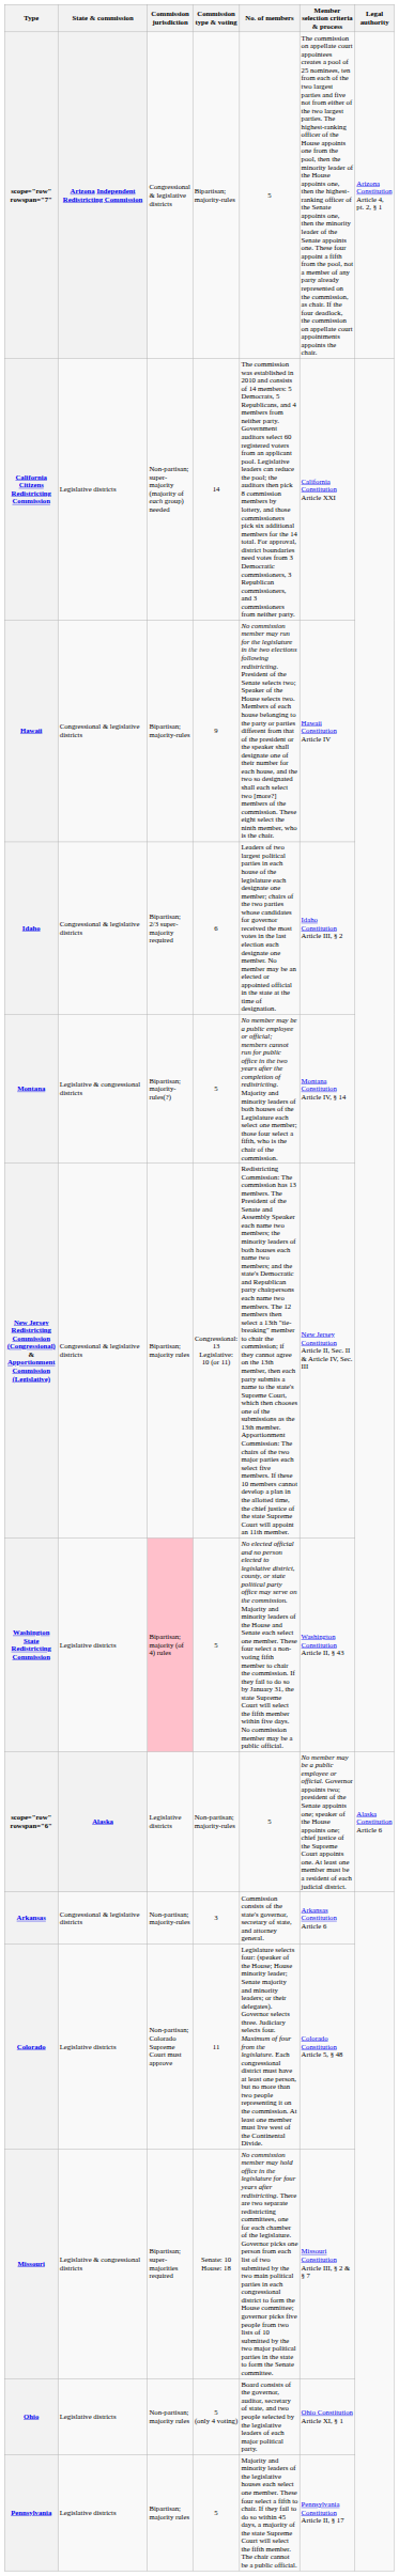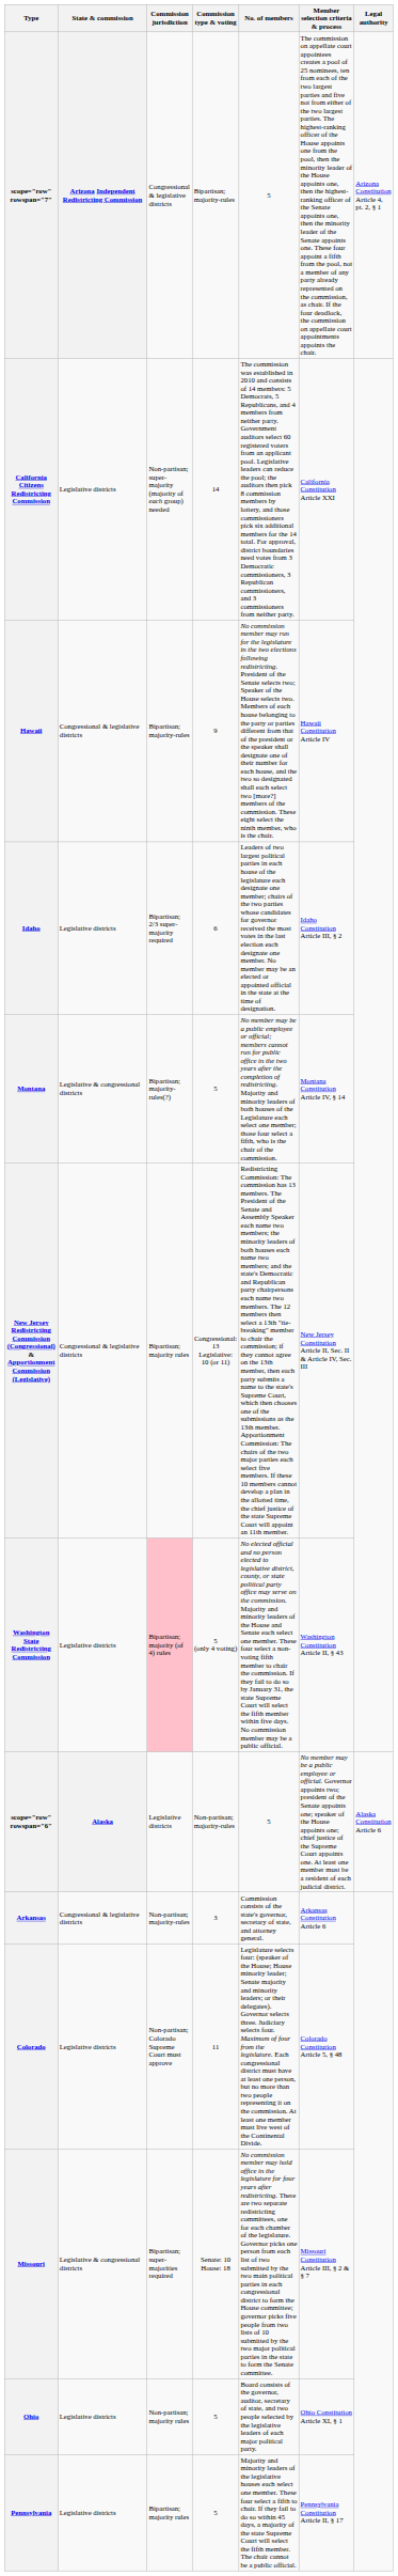 <table class="wikitable">
 <tr>
 <th scope="col">Type</th>
 <th scope="col" style="width:12em;">State & commission</th>
 <th scope="col">Commission jurisdiction</th>
 <th scope="col">Commission type & voting</th>
 <th scope="col">No. of members</th>
 <th scope="col">Member selection criteria & process</th>
 <th scope="col">Legal authority</th>
 </tr>
 <tr>
 <th>scope="row" rowspan="7" </th>
 <th scope="row"><a href='#'>Arizona</a> <a href='#'>Independent Redistricting Commission</a></th>
 <td>Congressional & legislative districts</td>
 <td>Bipartisan;<br>majority-rules</td>
 <td style="text-align:center">5</td>
 <td>The commission on appellate court appointees creates a pool of 25 nominees, ten from each of the two largest parties and five not from either of the two largest parties. The highest-ranking officer of the House appoints one from the pool, then the minority leader of the House appoints one, then the highest-ranking officer of the Senate appoints one, then the minority leader of the Senate appoints one. These four appoint a fifth from the pool, not a member of any party already represented on the commission, as chair. If the four deadlock, the commission on appellate court appointments appoints the chair.</td>
 <td><a href='#'>Arizona Constitution</a><br>Article 4, pt. 2, § 1</td>
 </tr>
 <tr>
 <th scope="row"><a href='#'>California</a> <a href='#'>Citizens Redistricting Commission</a></th>
 <td>Legislative districts</td>
 <td>Non-partisan;<br>super-majority (majority of <em>each</em> group) needed</td>
 <td style="text-align:center">14</td>
 <td>The commission was established in 2010 and consists of 14 members: 5 Democrats, 5 Republicans, and 4 members from neither party. Government auditors select 60 registered voters from an applicant pool. Legislative leaders can reduce the pool; the auditors then pick 8 commission members by lottery, and those commissioners pick six additional members for the 14 total. For approval, district boundaries need votes from 3 Democratic commissioners, 3 Republican commissioners, and 3 commissioners from neither party.</td>
 <td><a href='#'>California Constitution</a><br>Article XXI</td>
 </tr>
 <tr>
 <th scope="row"><a href='#'>Hawaii</a></th>
 <td>Congressional & legislative districts</td>
 <td>Bipartisan;<br>majority-rules</td>
 <td style="text-align:center">9</td>
 <td><em>No commission member may run for the legislature in the two elections following redistricting.</em> President of the Senate selects two; Speaker of the House selects two. Members of each house belonging to the party or parties different from that of the president or the speaker shall designate one of their number for each house, and the two so designated shall each select two [more?] members of the commission. These eight select the ninth member, who is the chair.</td>
 <td><a href='#'>Hawaii Constitution</a><br>Article IV</td>
 </tr>
 <tr>
 <th scope="row"><a href='#'>Idaho</a></th>
-<td>Congressional & legislative districts</td>
+<td>Legislative districts</td>
 <td>Bipartisan;<br>2/3 super-majority required</td>
 <td style="text-align:center">6</td>
 <td>Leaders of two largest political parties in each house of the legislature each designate one member; chairs of the two parties whose candidates for governor received the most votes in the last election each designate one member. No member may be an elected or appointed official in the state at the time of designation.</td>
 <td><a href='#'>Idaho Constitution</a><br>Article III, § 2</td>
 </tr>
 <tr>
 <th scope="row"><a href='#'>Montana</a></th>
 <td>Legislative & congressional districts</td>
 <td>Bipartisan;<br>majority-rules(?)</td>
 <td style="text-align:center">5</td>
 <td><em>No member may be a public employee or official; members cannot run for public office in the two years after the completion of redistricting.</em> Majority and minority leaders of both houses of the Legislature each select one member; those four select a fifth, who is the chair of the commission.</td>
 <td><a href='#'>Montana Constitution</a><br>Article IV, § 14</td>
 </tr>
 <tr>
 <th scope="row"><a href='#'>New Jersey</a> <a href='#'>Redistricting Commission (Congressional)</a> & <a href='#'>Apportionment Commission (Legislative)</a></th>
 <td>Congressional & legislative districts</td>
 <td>Bipartisan;<br>majority rules</td>
 <td style="text-align:center">Congressional:<br>13<br>Legislative:<br>10 (or 11)</td>
 <td>Redistricting Commission: The commission has 13 members. The President of the Senate and Assembly Speaker each name two members; the minority leaders of both houses each name two members; and the state's Democratic and Republican party chairpersons each name two members. The 12 members then select a 13th "tie-breaking" member to chair the commission; if they cannot agree on the 13th member, then each party submits a name to the state's Supreme Court, which then chooses one of the submissions as the 13th member.<br>Apportionment Commission: The chairs of the two major parties each select five members. If these 10 members cannot develop a plan in the allotted time, the chief justice of the state Supreme Court will appoint an 11th member.</td>
 <td><a href='#'>New Jersey Constitution</a><br>Article II, Sec. II & Article IV, Sec. III</td>
 </tr>
 <tr>
 <th scope="row"><a href='#'>Washington</a> <a href='#'>State Redistricting Commission</a></th>
 <td>Legislative districts</td>
 <td style="background: pink;">Bipartisan;<br>majority (of 4) rules</td>
-<td style="text-align:center">5</td>
+<td style="text-align:center">5<br>(only 4 voting)</td>
 <td><em>No elected official and no person elected to legislative district, county, or state political party office may serve on the commission.</em> Majority and minority leaders of the House and Senate each select one member. These four select a non-voting fifth member to chair the commission. If they fail to do so by January 31, the state Supreme Court will select the fifth member within five days. No commission member may be a public official.</td>
 <td><a href='#'>Washington Constitution</a><br>Article II, § 43</td>
 </tr>
 <tr>
 <th>scope="row" rowspan="6" </th>
 <th scope="row"><a href='#'>Alaska</a></th>
 <td>Legislative districts</td>
 <td>Non-partisan;<br>majority-rules</td>
 <td style="text-align:center">5</td>
 <td><em>No member may be a public employee or official.</em> Governor appoints two; president of the Senate appoints one; speaker of the House appoints one; chief justice of the Supreme Court appoints one. At least one member must be a resident of each judicial district.</td>
 <td><a href='#'>Alaska Constitution</a><br>Article 6</td>
 </tr>
 <tr>
 <th scope="row"><a href='#'>Arkansas</a></th>
 <td>Congressional & legislative districts</td>
 <td>Non-partisan;<br>majority-rules</td>
 <td style="text-align:center">3</td>
 <td>Commission consists of the state's governor, secretary of state, and attorney general.</td>
 <td><a href='#'>Arkansas Constitution</a><br>Article 6</td>
 </tr>
 <tr>
 <th scope="row"><a href='#'>Colorado</a></th>
 <td>Legislative districts</td>
 <td>Non-partisan;<br>Colorado Supreme Court must approve</td>
 <td style="text-align:center">11</td>
 <td>Legislature selects four: (speaker of the House; House minority leader; Senate majority and minority leaders; or their delegates). Governor selects three. Judiciary selects four. <em>Maximum of four from the legislature.</em> Each congressional district must have at least one person, but no more than two people representing it on the commission. At least one member must live west of the Continental Divide.</td>
 <td><a href='#'>Colorado Constitution</a><br>Article 5, § 48</td>
 </tr>
 <tr>
 <th scope="row"><a href='#'>Missouri</a></th>
 <td>Legislative & congressional districts</td>
 <td>Bipartisan;<br>super-majorities required</td>
 <td style="text-align:center">Senate: 10<br>House: 18</td>
 <td><em>No commission member may hold office in the legislature for four years after redistricting.</em> There are two separate redistricting committees, one for each chamber of the legislature. Governor picks one person from each list of two submitted by the two main political parties in each congressional district to form the House committee; governor picks five people from two lists of 10 submitted by the two major political parties in the state to form the Senate committee.</td>
 <td><a href='#'>Missouri Constitution</a><br>Article III, § 2 & § 7</td>
 </tr>
 <tr>
 <th scope="row"><a href='#'>Ohio</a></th>
 <td>Legislative districts</td>
 <td>Non-partisan;<br>majority rules</td>
-<td style="text-align:center">5<br>(only 4 voting)</td>
+<td style="text-align:center">5</td>
 <td>Board consists of the governor, auditor, secretary of state, and two people selected by the legislative leaders of each major political party.</td>
 <td><a href='#'>Ohio Constitution</a><br>Article XI, § 1</td>
 </tr>
 <tr>
 <th scope="row"><a href='#'>Pennsylvania</a></th>
 <td>Legislative districts</td>
 <td>Bipartisan;<br>majority rules</td>
 <td style="text-align:center">5</td>
 <td>Majority and minority leaders of the legislative houses each select one member. These four select a fifth to chair. If they fail to do so within 45 days, a majority of the state Supreme Court will select the fifth member. The chair cannot be a public official.</td>
 <td><a href='#'>Pennsylvania Constitution</a><br>Article II, § 17</td>
 </tr>
 </table>
